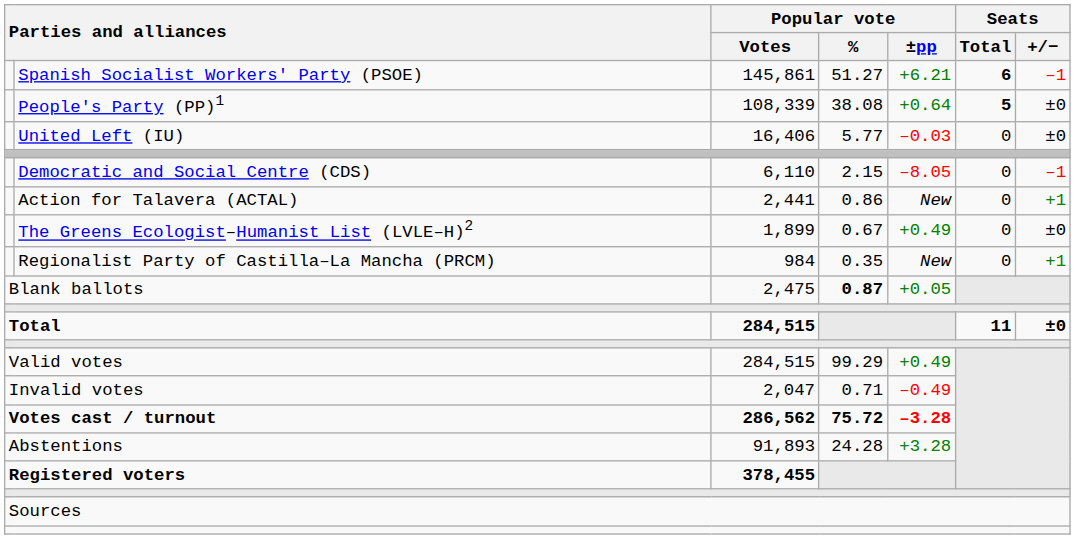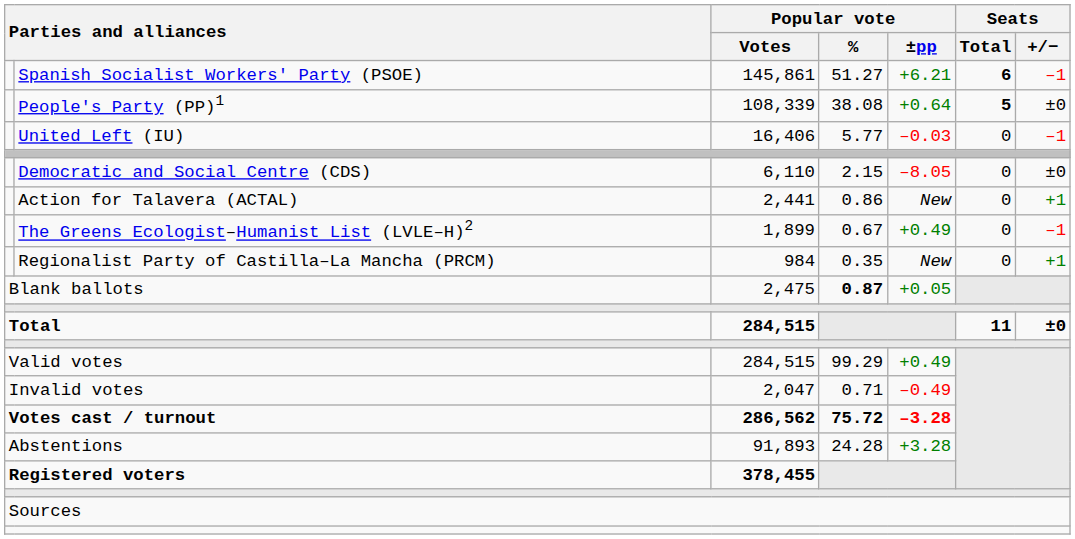 <table class="wikitable" style="text-align:right;">
 <tr>
 <th style="text-align:left;" rowspan="2" colspan="2" width="525">Parties and alliances</th>
 <th colspan="3">Popular vote</th>
 <th colspan="2">Seats</th>
 </tr>
 <tr>
 <th width="75">Votes</th>
 <th width="45">%</th>
 <th width="45">±<a href='#'>pp</a></th>
 <th width="35">Total</th>
 <th width="35">+/−</th>
 </tr>
 <tr>
 <td width="1" style="color:inherit;background:"></td>
 <td align="left"><a href='#'>Spanish Socialist Workers' Party</a> (PSOE)</td>
 <td>145,861</td>
 <td>51.27</td>
 <td style="color:green;">+6.21</td>
 <td><strong>6</strong></td>
 <td style="color:red;">–1</td>
 </tr>
 <tr>
 <td style="color:inherit;background:"></td>
 <td align="left"><a href='#'>People's Party</a> (PP)<sup>1</sup></td>
 <td>108,339</td>
 <td>38.08</td>
 <td style="color:green;">+0.64</td>
 <td><strong>5</strong></td>
 <td>±0</td>
 </tr>
 <tr>
 <td style="color:inherit;background:"></td>
 <td align="left"><a href='#'>United Left</a> (IU)</td>
 <td>16,406</td>
 <td>5.77</td>
 <td style="color:red;">–0.03</td>
 <td>0</td>
-<td>±0</td>
+<td style="color:red;">–1</td>
 </tr>
 <tr>
 <td colspan="7" bgcolor="#C0C0C0"></td>
 </tr>
 <tr>
 <td style="color:inherit;background:"></td>
 <td align="left"><a href='#'>Democratic and Social Centre</a> (CDS)</td>
 <td>6,110</td>
 <td>2.15</td>
 <td style="color:red;">–8.05</td>
 <td>0</td>
-<td style="color:red;">–1</td>
+<td>±0</td>
 </tr>
 <tr>
 <td style="color:inherit;background:"></td>
 <td align="left">Action for Talavera (ACTAL)</td>
 <td>2,441</td>
 <td>0.86</td>
 <td><em>New</em></td>
 <td>0</td>
 <td style="color:green;">+1</td>
 </tr>
 <tr>
 <td style="color:inherit;background:"></td>
 <td align="left"><a href='#'>The Greens Ecologist</a>–<a href='#'>Humanist List</a> (LVLE–H)<sup>2</sup></td>
 <td>1,899</td>
 <td>0.67</td>
 <td style="color:green;">+0.49</td>
 <td>0</td>
-<td>±0</td>
+<td style="color:red;">–1</td>
 </tr>
 <tr>
 <td style="color:inherit;background:"></td>
 <td align="left">Regionalist Party of Castilla–La Mancha (PRCM)</td>
 <td>984</td>
 <td>0.35</td>
 <td><em>New</em></td>
 <td>0</td>
 <td style="color:green;">+1</td>
 </tr>
 <tr>
 <td align="left" colspan="2">Blank ballots</td>
 <td>2,475</td>
 <td><strong>0.87</strong></td>
 <td style="color:green;">+0.05</td>
 <td bgcolor="#E9E9E9" colspan="2"></td>
 </tr>
 <tr>
 <td colspan="7" bgcolor="#E9E9E9"></td>
 </tr>
 <tr style="font-weight:bold;">
 <td align="left" colspan="2">Total</td>
 <td>284,515</td>
 <td bgcolor="#E9E9E9" colspan="2"></td>
 <td>11</td>
 <td>±0</td>
 </tr>
 <tr>
 <td colspan="7" bgcolor="#E9E9E9"></td>
 </tr>
 <tr>
 <td align="left" colspan="2">Valid votes</td>
 <td>284,515</td>
 <td>99.29</td>
 <td style="color:green;">+0.49</td>
 <td bgcolor="#E9E9E9" colspan="2" rowspan="5"></td>
 </tr>
 <tr>
 <td align="left" colspan="2">Invalid votes</td>
 <td>2,047</td>
 <td>0.71</td>
 <td style="color:red;">–0.49</td>
 </tr>
 <tr style="font-weight:bold;">
 <td align="left" colspan="2">Votes cast / turnout</td>
 <td>286,562</td>
 <td>75.72</td>
 <td style="color:red;">–3.28</td>
 </tr>
 <tr>
 <td align="left" colspan="2">Abstentions</td>
 <td>91,893</td>
 <td>24.28</td>
 <td style="color:green;">+3.28</td>
 </tr>
 <tr style="font-weight:bold;">
 <td align="left" colspan="2">Registered voters</td>
 <td>378,455</td>
 <td bgcolor="#E9E9E9" colspan="2"></td>
 </tr>
 <tr>
 <td colspan="7" bgcolor="#E9E9E9"></td>
 </tr>
 <tr>
 <td align="left" colspan="7">Sources</td>
 </tr>
 <tr>
 <td colspan="7" style="text-align:left; max-width:790px;"></td>
 </tr>
 </table>
